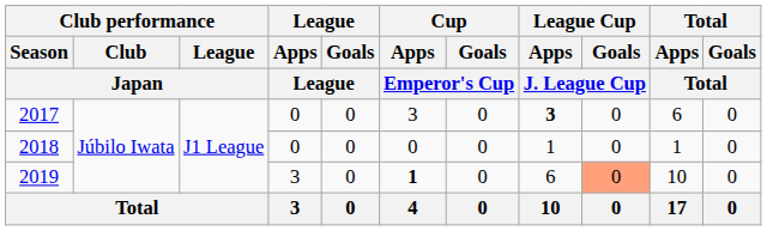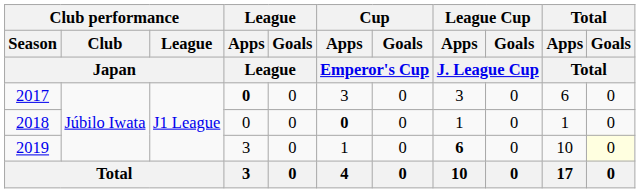 <table class="wikitable" style="text-align:center;">
 <tr>
 <th colspan=3>Club performance</th>
 <th colspan=2>League</th>
 <th colspan=2>Cup</th>
 <th colspan=2>League Cup</th>
 <th colspan=2>Total</th>
 </tr>
 <tr>
 <th>Season</th>
 <th>Club</th>
 <th>League</th>
 <th>Apps</th>
 <th>Goals</th>
 <th>Apps</th>
 <th>Goals</th>
 <th>Apps</th>
 <th>Goals</th>
 <th>Apps</th>
 <th>Goals</th>
 </tr>
 <tr>
 <th colspan=3>Japan</th>
 <th colspan=2>League</th>
 <th colspan=2><a href='#'>Emperor's Cup</a></th>
 <th colspan=2><a href='#'>J. League Cup</a></th>
 <th colspan=2>Total</th>
 </tr>
 <tr>
 <td><a href='#'>2017</a></td>
 <td rowspan="3"><a href='#'>Júbilo Iwata</a></td>
 <td rowspan="3"><a href='#'>J1 League</a></td>
-<td>0</td>
+<td><strong>0</strong></td>
 <td>0</td>
 <td>3</td>
 <td>0</td>
-<td><strong>3</strong></td>
+<td>3</td>
 <td>0</td>
 <td>6</td>
 <td>0</td>
 </tr>
 <tr>
 <td><a href='#'>2018</a></td>
 <td>0</td>
 <td>0</td>
-<td>0</td>
+<td><strong>0</strong></td>
 <td>0</td>
 <td>1</td>
 <td>0</td>
 <td>1</td>
 <td>0</td>
 </tr>
 <tr>
 <td><a href='#'>2019</a></td>
 <td>3</td>
 <td>0</td>
-<td><strong>1</strong></td>
+<td>1</td>
 <td>0</td>
-<td>6</td>
-<td style="background: lightsalmon;">0</td>
+<td><strong>6</strong></td>
+<td>0</td>
 <td>10</td>
-<td>0</td>
+<td style="background: lightyellow;">0</td>
 </tr>
 <tr>
 <th colspan=3>Total</th>
 <th>3</th>
 <th>0</th>
 <th>4</th>
 <th>0</th>
 <th>10</th>
 <th>0</th>
 <th>17</th>
 <th>0</th>
 </tr>
 </table>
